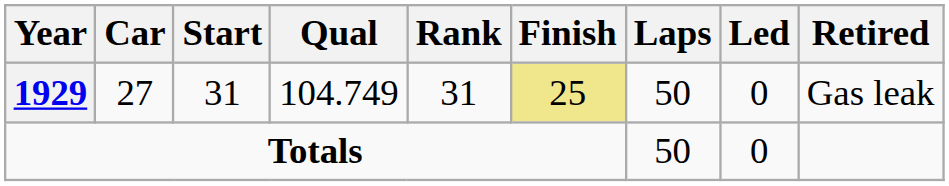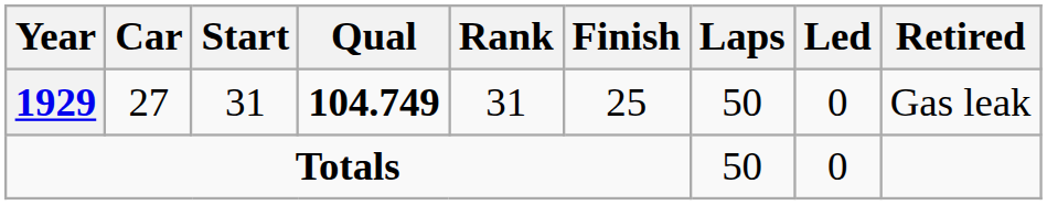 <table class="wikitable" style="text-align:center">
 <tr>
 <th>Year</th>
 <th>Car</th>
 <th>Start</th>
 <th>Qual</th>
 <th>Rank</th>
 <th>Finish</th>
 <th>Laps</th>
 <th>Led</th>
 <th>Retired</th>
 </tr>
 <tr>
 <th><a href='#'>1929</a></th>
 <td>27</td>
 <td>31</td>
-<td>104.749</td>
+<td><strong>104.749</strong></td>
 <td>31</td>
-<td style="background: khaki;">25</td>
+<td>25</td>
 <td>50</td>
 <td>0</td>
 <td>Gas leak</td>
 </tr>
 <tr>
 <td colspan=6><strong>Totals</strong></td>
 <td>50</td>
 <td>0</td>
 <td></td>
 </tr>
 </table>
